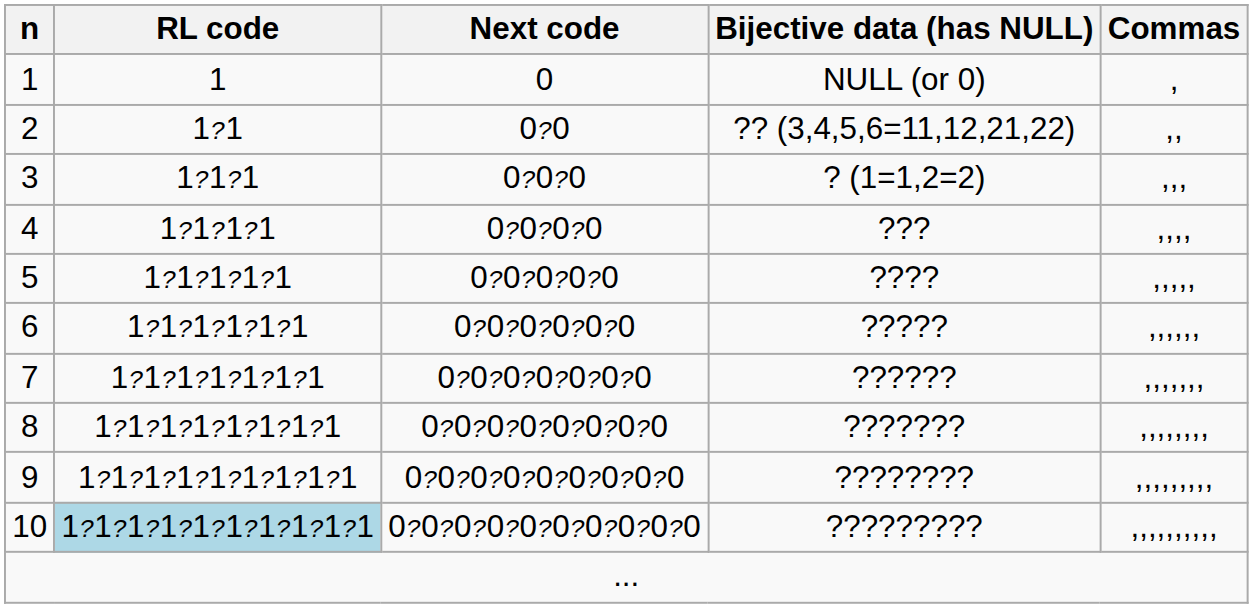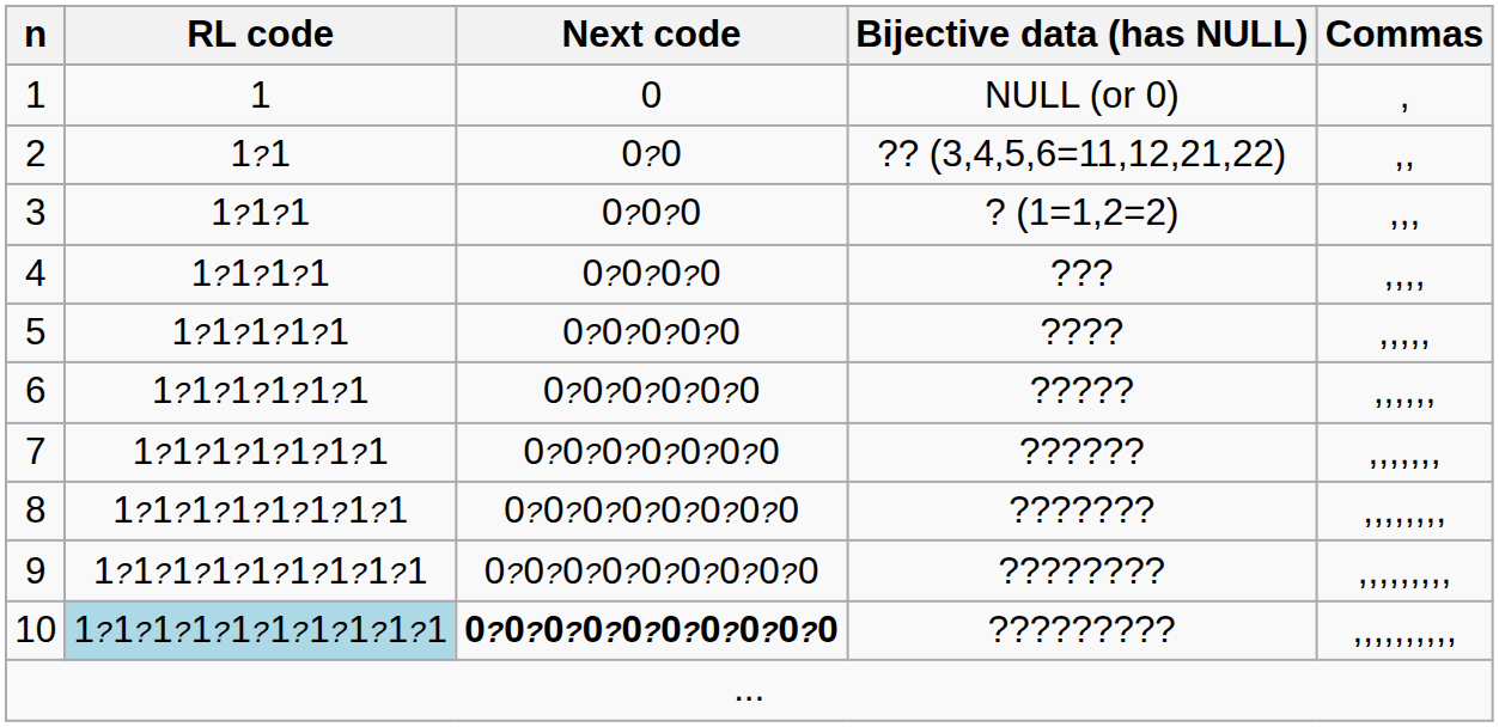 <table class="wikitable" style="text-align: center;">
 <tr>
 <th>n</th>
 <th>RL code</th>
 <th>Next code</th>
 <th>Bijective data (has NULL)</th>
 <th>Commas</th>
 </tr>
 <tr>
 <td>1</td>
 <td>1</td>
 <td>0</td>
 <td>NULL (or 0)</td>
 <td>,</td>
 </tr>
 <tr>
 <td>2</td>
 <td>1<code><em>?</em></code>1</td>
 <td>0<code><em>?</em></code>0</td>
 <td>?? (3,4,5,6=11,12,21,22)</td>
 <td>,,</td>
 </tr>
 <tr>
 <td>3</td>
 <td>1<code><em>?</em></code>1<code><em>?</em></code>1</td>
 <td>0<code><em>?</em></code>0<code><em>?</em></code>0</td>
 <td>? (1=1,2=2)</td>
 <td>,,,</td>
 </tr>
 <tr>
 <td>4</td>
 <td>1<code><em>?</em></code>1<code><em>?</em></code>1<code><em>?</em></code>1</td>
 <td>0<code><em>?</em></code>0<code><em>?</em></code>0<code><em>?</em></code>0</td>
 <td>???</td>
 <td>,,,,</td>
 </tr>
 <tr>
 <td>5</td>
 <td>1<code><em>?</em></code>1<code><em>?</em></code>1<code><em>?</em></code>1<code><em>?</em></code>1</td>
 <td>0<code><em>?</em></code>0<code><em>?</em></code>0<code><em>?</em></code>0<code><em>?</em></code>0</td>
 <td>????</td>
 <td>,,,,,</td>
 </tr>
 <tr>
 <td>6</td>
 <td>1<code><em>?</em></code>1<code><em>?</em></code>1<code><em>?</em></code>1<code><em>?</em></code>1<code><em>?</em></code>1</td>
 <td>0<code><em>?</em></code>0<code><em>?</em></code>0<code><em>?</em></code>0<code><em>?</em></code>0<code><em>?</em></code>0</td>
 <td>?????</td>
 <td>,,,,,,</td>
 </tr>
 <tr>
 <td>7</td>
 <td>1<code><em>?</em></code>1<code><em>?</em></code>1<code><em>?</em></code>1<code><em>?</em></code>1<code><em>?</em></code>1<code><em>?</em></code>1</td>
 <td>0<code><em>?</em></code>0<code><em>?</em></code>0<code><em>?</em></code>0<code><em>?</em></code>0<code><em>?</em></code>0<code><em>?</em></code>0</td>
 <td>??????</td>
 <td>,,,,,,,</td>
 </tr>
 <tr>
 <td>8</td>
 <td>1<code><em>?</em></code>1<code><em>?</em></code>1<code><em>?</em></code>1<code><em>?</em></code>1<code><em>?</em></code>1<code><em>?</em></code>1<code><em>?</em></code>1</td>
 <td>0<code><em>?</em></code>0<code><em>?</em></code>0<code><em>?</em></code>0<code><em>?</em></code>0<code><em>?</em></code>0<code><em>?</em></code>0<code><em>?</em></code>0</td>
 <td>???????</td>
 <td>,,,,,,,,</td>
 </tr>
 <tr>
 <td>9</td>
 <td>1<code><em>?</em></code>1<code><em>?</em></code>1<code><em>?</em></code>1<code><em>?</em></code>1<code><em>?</em></code>1<code><em>?</em></code>1<code><em>?</em></code>1<code><em>?</em></code>1</td>
 <td>0<code><em>?</em></code>0<code><em>?</em></code>0<code><em>?</em></code>0<code><em>?</em></code>0<code><em>?</em></code>0<code><em>?</em></code>0<code><em>?</em></code>0<code><em>?</em></code>0</td>
 <td>????????</td>
 <td>,,,,,,,,,</td>
 </tr>
 <tr>
 <td>10</td>
 <td style="background: lightblue;">1<code><em>?</em></code>1<code><em>?</em></code>1<code><em>?</em></code>1<code><em>?</em></code>1<code><em>?</em></code>1<code><em>?</em></code>1<code><em>?</em></code>1<code><em>?</em></code>1<code><em>?</em></code>1</td>
-<td>0<code><em>?</em></code>0<code><em>?</em></code>0<code><em>?</em></code>0<code><em>?</em></code>0<code><em>?</em></code>0<code><em>?</em></code>0<code><em>?</em></code>0<code><em>?</em></code>0<code><em>?</em></code>0</td>
+<td><strong>0<code><em>?</em></code>0<code><em>?</em></code>0<code><em>?</em></code>0<code><em>?</em></code>0<code><em>?</em></code>0<code><em>?</em></code>0<code><em>?</em></code>0<code><em>?</em></code>0<code><em>?</em></code>0</strong></td>
 <td>?????????</td>
 <td>,,,,,,,,,,</td>
 </tr>
 <tr>
 <td colspan="5">...</td>
 </tr>
 </table>
